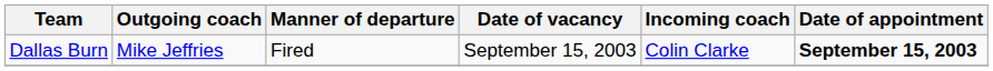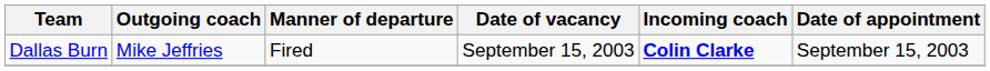 <table class="wikitable sortable">
 <tr>
 <th>Team</th>
 <th>Outgoing coach</th>
 <th>Manner of departure</th>
 <th>Date of vacancy</th>
 <th>Incoming coach</th>
 <th>Date of appointment</th>
 </tr>
 <tr>
 <td><a href='#'>Dallas Burn</a></td>
 <td> <a href='#'>Mike Jeffries</a></td>
 <td>Fired</td>
 <td>September 15, 2003</td>
-<td> <a href='#'>Colin Clarke</a></td>
-<td><strong>September 15, 2003</strong></td>
+<td><strong> <a href='#'>Colin Clarke</a></strong></td>
+<td>September 15, 2003</td>
 </tr>
 <tr>
 </tr>
 </table>
